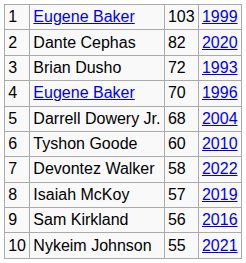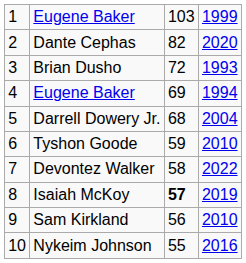 <table class="wikitable" style="display:inline-table;">
 <tr>
 </tr>
 <tr>
 <td>1</td>
 <td><a href='#'>Eugene Baker</a></td>
 <td>103</td>
 <td><a href='#'>1999</a></td>
 </tr>
 <tr>
 <td>2</td>
 <td>Dante Cephas</td>
 <td>82</td>
 <td><a href='#'>2020</a></td>
 </tr>
 <tr>
 <td>3</td>
 <td>Brian Dusho</td>
 <td>72</td>
 <td><a href='#'>1993</a></td>
 </tr>
 <tr>
 <td>4</td>
 <td><a href='#'>Eugene Baker</a></td>
-<td>70</td>
-<td><a href='#'>1996</a></td>
+<td>69</td>
+<td><a href='#'>1994</a></td>
 </tr>
 <tr>
 <td>5</td>
 <td>Darrell Dowery Jr.</td>
 <td>68</td>
 <td><a href='#'>2004</a></td>
 </tr>
 <tr>
 <td>6</td>
 <td>Tyshon Goode</td>
-<td>60</td>
+<td>59</td>
 <td><a href='#'>2010</a></td>
 </tr>
 <tr>
 <td>7</td>
 <td>Devontez Walker</td>
 <td>58</td>
 <td><a href='#'>2022</a></td>
 </tr>
 <tr>
 <td>8</td>
 <td>Isaiah McKoy</td>
-<td>57</td>
+<td><strong>57</strong></td>
 <td><a href='#'>2019</a></td>
 </tr>
 <tr>
 <td>9</td>
 <td>Sam Kirkland</td>
 <td>56</td>
-<td><a href='#'>2016</a></td>
+<td><a href='#'>2010</a></td>
 </tr>
 <tr>
 <td>10</td>
 <td>Nykeim Johnson</td>
 <td>55</td>
-<td><a href='#'>2021</a></td>
+<td><a href='#'>2016</a></td>
 </tr>
 </table>
